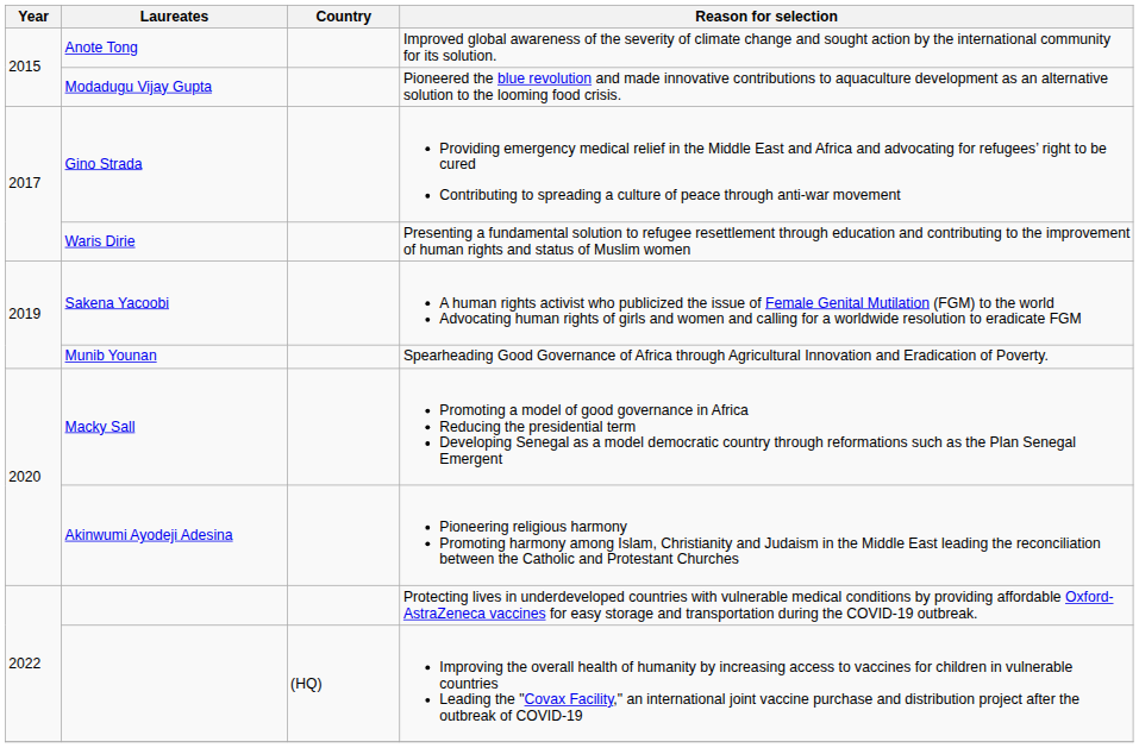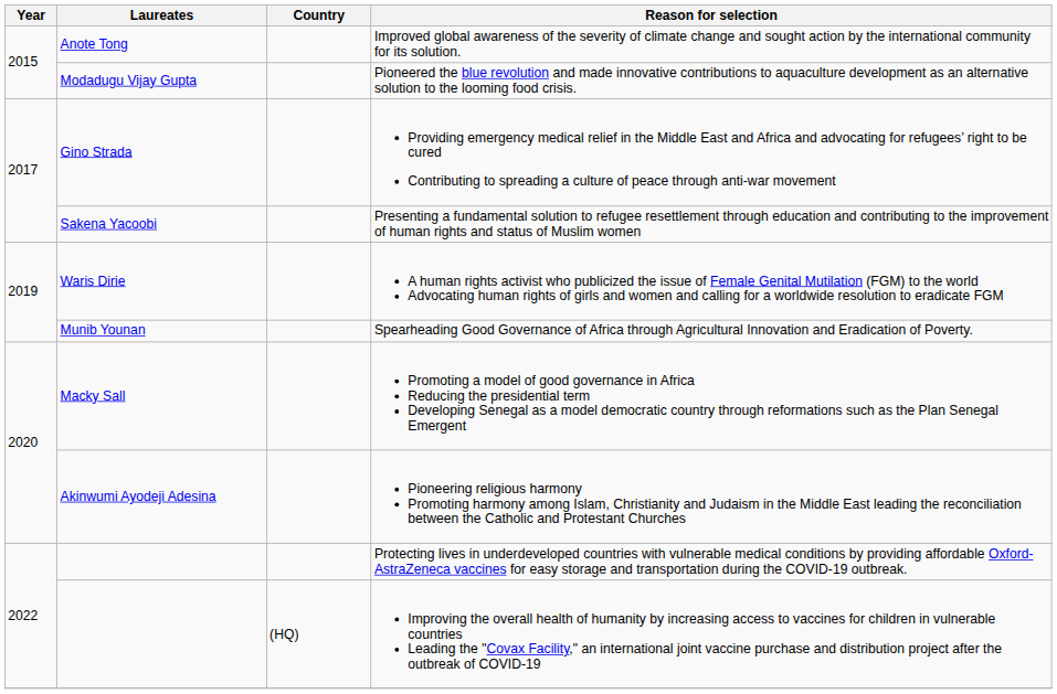 <table class="wikitable" align="center" text-align:left">
 <tr>
 <th width="5%">Year</th>
 <th>Laureates</th>
 <th width="10%">Country</th>
 <th width="65%">Reason for selection</th>
 </tr>
 <tr>
 <td rowspan="2">2015</td>
 <td><a href='#'>Anote Tong</a></td>
 <td></td>
 <td>Improved global awareness of the severity of climate change and sought action by the international community for its solution.</td>
 </tr>
 <tr>
 <td><a href='#'>Modadugu Vijay Gupta</a></td>
 <td></td>
 <td>Pioneered the <a href='#'>blue revolution</a> and made innovative contributions to aquaculture development as an alternative solution to the looming food crisis.</td>
 </tr>
 <tr>
 <td rowspan="2">2017</td>
 <td><a href='#'>Gino Strada</a></td>
 <td></td>
 <td><br><ul><li>Providing emergency medical relief in the Middle East and Africa and advocating for refugees’ right to be cured</li></ul><ul><li>Contributing to spreading a culture of peace through anti-war movement</li></ul></td>
 </tr>
 <tr>
-<td><a href='#'>Waris Dirie</a></td>
+<td><a href='#'>Sakena Yacoobi</a></td>
 <td></td>
 <td>Presenting a fundamental solution to refugee resettlement through education and contributing to the improvement of human rights and status of Muslim women</td>
 </tr>
 <tr>
 <td rowspan="2">2019</td>
-<td><a href='#'>Sakena Yacoobi</a></td>
+<td><a href='#'>Waris Dirie</a></td>
 <td></td>
 <td><br><ul><li>A human rights activist who publicized the issue of <a href='#'>Female Genital Mutilation</a> (FGM) to the world</li><li>Advocating human rights of girls and women and calling for a worldwide resolution to eradicate FGM</li></ul></td>
 </tr>
 <tr>
 <td><a href='#'>Munib Younan</a></td>
 <td></td>
 <td>Spearheading Good Governance of Africa through Agricultural Innovation and Eradication of Poverty.</td>
 </tr>
 <tr>
 <td rowspan="2">2020</td>
 <td><a href='#'>Macky Sall</a></td>
 <td></td>
 <td><br><ul><li>Promoting a model of good governance in Africa</li><li>Reducing the presidential term</li><li>Developing Senegal as a model democratic country through reformations such as the Plan Senegal Emergent</li></ul></td>
 </tr>
 <tr>
 <td><a href='#'>Akinwumi Ayodeji Adesina</a></td>
 <td></td>
 <td><br><ul><li>Pioneering religious harmony</li><li>Promoting harmony among Islam, Christianity and Judaism in the Middle East leading the reconciliation between the Catholic and Protestant Churches</li></ul></td>
 </tr>
 <tr>
 <td rowspan="2">2022</td>
 <td><br></td>
 <td></td>
 <td>Protecting lives in underdeveloped countries with vulnerable medical conditions by providing affordable <a href='#'>Oxford-AstraZeneca vaccines</a> for easy storage and transportation during the COVID-19 outbreak.</td>
 </tr>
 <tr>
 <td><br></td>
 <td>(HQ)</td>
 <td><br><ul><li>Improving the overall health of humanity by increasing access to vaccines for children in vulnerable countries</li><li>Leading the "<a href='#'>Covax Facility</a>," an international joint vaccine purchase and distribution project after the outbreak of COVID-19</li></ul></td>
 </tr>
 <tr>
 </tr>
 </table>
